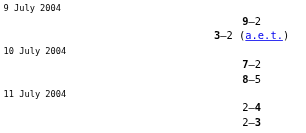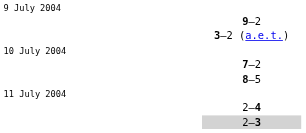 <table width=100% cellspacing=1>
 <tr>
 <th width=40%></th>
 <th width=20%></th>
 <th></th>
 </tr>
 <tr>
 <td><small>9 July 2004</small></td>
 </tr>
 <tr>
 <td align=right><strong></strong></td>
 <td align=center><strong>9</strong>–2</td>
 <td></td>
 </tr>
 <tr>
 <td align=right><strong></strong></td>
 <td align=center><strong>3</strong>–2 (<a href='#'>a.e.t.</a>)</td>
 <td></td>
 </tr>
 <tr>
 <td><small>10 July 2004</small></td>
 </tr>
 <tr>
 <td align=right><strong></strong></td>
 <td align=center><strong>7</strong>–2</td>
 <td></td>
 </tr>
 <tr>
 <td align=right><strong></strong></td>
 <td align=center><strong>8</strong>–5</td>
 <td></td>
 </tr>
 <tr>
 <td><small>11 July 2004</small></td>
 </tr>
 <tr>
 <td align=right></td>
 <td align=center>2–<strong>4</strong></td>
 <td><strong></strong></td>
 </tr>
 <tr>
 <td align=right></td>
-<td align=center>2–<strong>3</strong></td>
+<td align=center style="background: lightgrey;">2–<strong>3</strong></td>
 <td><strong></strong></td>
 </tr>
 </table>
